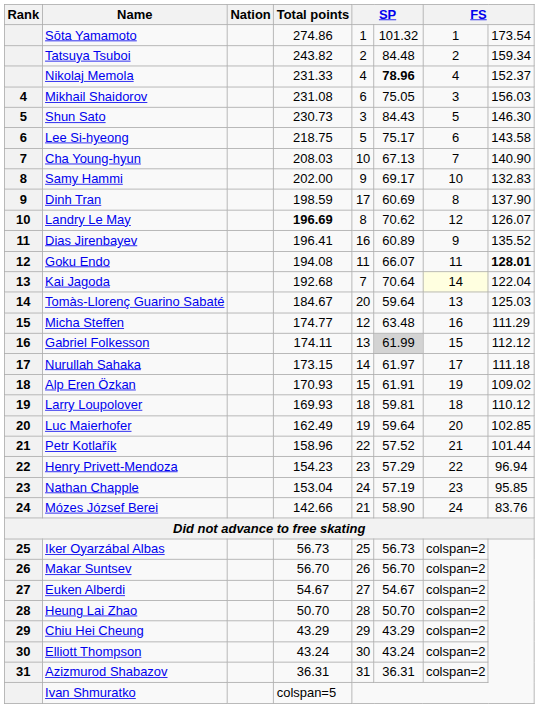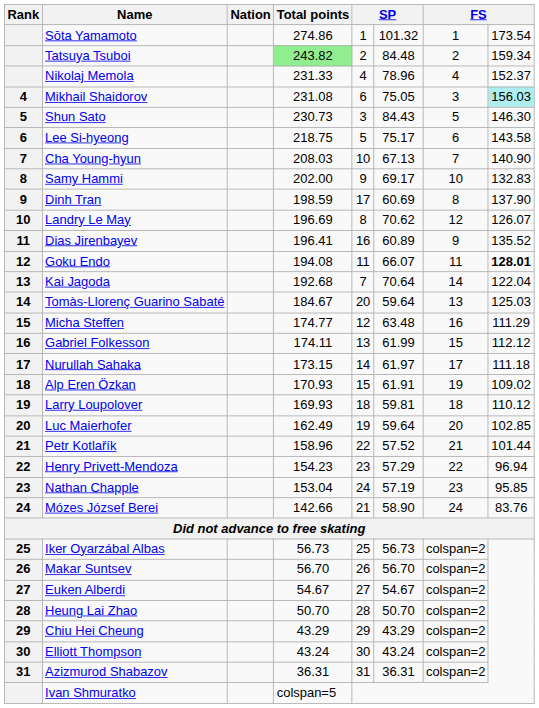 <table class="wikitable sortable">
 <tr>
 <th>Rank</th>
 <th>Name</th>
 <th>Nation</th>
 <th>Total points</th>
 <th colspan="2" width="80px"><a href='#'>SP</a></th>
 <th colspan="2" width="80px"><a href='#'>FS</a></th>
 </tr>
 <tr>
 <th align="center"></th>
 <td><a href='#'>Sōta Yamamoto</a></td>
 <td></td>
 <td align="center">274.86</td>
 <td align="center">1</td>
 <td align="center">101.32</td>
 <td align="center">1</td>
 <td align="center">173.54</td>
 </tr>
 <tr>
 <th align="center"></th>
 <td><a href='#'>Tatsuya Tsuboi</a></td>
 <td></td>
-<td align="center">243.82</td>
+<td align="center" style="background: lightgreen;">243.82</td>
 <td align="center">2</td>
 <td align="center">84.48</td>
 <td align="center">2</td>
 <td align="center">159.34</td>
 </tr>
 <tr>
 <th align="center"></th>
 <td><a href='#'>Nikolaj Memola</a></td>
 <td></td>
 <td align="center">231.33</td>
 <td align="center">4</td>
-<td align="center"><strong>78.96</strong></td>
+<td align="center">78.96</td>
 <td align="center">4</td>
 <td align="center">152.37</td>
 </tr>
 <tr>
 <th>4</th>
 <td><a href='#'>Mikhail Shaidorov</a></td>
 <td></td>
 <td align="center">231.08</td>
 <td align="center">6</td>
 <td align="center">75.05</td>
 <td align="center">3</td>
-<td align="center">156.03</td>
+<td align="center" style="background: paleturquoise;">156.03</td>
 </tr>
 <tr>
 <th>5</th>
 <td><a href='#'>Shun Sato</a></td>
 <td></td>
 <td align="center">230.73</td>
 <td align="center">3</td>
 <td align="center">84.43</td>
 <td align="center">5</td>
 <td align="center">146.30</td>
 </tr>
 <tr>
 <th>6</th>
 <td><a href='#'>Lee Si-hyeong</a></td>
 <td></td>
 <td align="center">218.75</td>
 <td align="center">5</td>
 <td align="center">75.17</td>
 <td align="center">6</td>
 <td align="center">143.58</td>
 </tr>
 <tr>
 <th>7</th>
 <td><a href='#'>Cha Young-hyun</a></td>
 <td></td>
 <td align="center">208.03</td>
 <td align="center">10</td>
 <td align="center">67.13</td>
 <td align="center">7</td>
 <td align="center">140.90</td>
 </tr>
 <tr>
 <th>8</th>
 <td><a href='#'>Samy Hammi</a></td>
 <td></td>
 <td align="center">202.00</td>
 <td align="center">9</td>
 <td align="center">69.17</td>
 <td align="center">10</td>
 <td align="center">132.83</td>
 </tr>
 <tr>
 <th>9</th>
 <td><a href='#'>Dinh Tran</a></td>
 <td></td>
 <td align="center">198.59</td>
 <td align="center">17</td>
 <td align="center">60.69</td>
 <td align="center">8</td>
 <td align="center">137.90</td>
 </tr>
 <tr>
 <th>10</th>
 <td><a href='#'>Landry Le May</a></td>
 <td></td>
-<td align="center"><strong>196.69</strong></td>
+<td align="center">196.69</td>
 <td align="center">8</td>
 <td align="center">70.62</td>
 <td align="center">12</td>
 <td align="center">126.07</td>
 </tr>
 <tr>
 <th>11</th>
 <td><a href='#'>Dias Jirenbayev</a></td>
 <td></td>
 <td align="center">196.41</td>
 <td align="center">16</td>
 <td align="center">60.89</td>
 <td align="center">9</td>
 <td align="center">135.52</td>
 </tr>
 <tr>
 <th>12</th>
 <td><a href='#'>Goku Endo</a></td>
 <td></td>
 <td align="center">194.08</td>
 <td align="center">11</td>
 <td align="center">66.07</td>
 <td align="center">11</td>
 <td align="center"><strong>128.01</strong></td>
 </tr>
 <tr>
 <th>13</th>
 <td><a href='#'>Kai Jagoda</a></td>
 <td></td>
 <td align="center">192.68</td>
 <td align="center">7</td>
 <td align="center">70.64</td>
-<td align="center" style="background: lightyellow;">14</td>
+<td align="center">14</td>
 <td align="center">122.04</td>
 </tr>
 <tr>
 <th>14</th>
 <td><a href='#'>Tomàs-Llorenç Guarino Sabaté</a></td>
 <td></td>
 <td align="center">184.67</td>
 <td align="center">20</td>
 <td align="center">59.64</td>
 <td align="center">13</td>
 <td align="center">125.03</td>
 </tr>
 <tr>
 <th>15</th>
 <td><a href='#'>Micha Steffen</a></td>
 <td></td>
 <td align="center">174.77</td>
 <td align="center">12</td>
 <td align="center">63.48</td>
 <td align="center">16</td>
 <td align="center">111.29</td>
 </tr>
 <tr>
 <th>16</th>
 <td><a href='#'>Gabriel Folkesson</a></td>
 <td></td>
 <td align="center">174.11</td>
 <td align="center">13</td>
-<td align="center" style="background: lightgrey;">61.99</td>
+<td align="center">61.99</td>
 <td align="center">15</td>
 <td align="center">112.12</td>
 </tr>
 <tr>
 <th>17</th>
 <td><a href='#'>Nurullah Sahaka</a></td>
 <td></td>
 <td align="center">173.15</td>
 <td align="center">14</td>
 <td align="center">61.97</td>
 <td align="center">17</td>
 <td align="center">111.18</td>
 </tr>
 <tr>
 <th>18</th>
 <td><a href='#'>Alp Eren Özkan</a></td>
 <td></td>
 <td align="center">170.93</td>
 <td align="center">15</td>
 <td align="center">61.91</td>
 <td align="center">19</td>
 <td align="center">109.02</td>
 </tr>
 <tr>
 <th>19</th>
 <td><a href='#'>Larry Loupolover</a></td>
 <td></td>
 <td align="center">169.93</td>
 <td align="center">18</td>
 <td align="center">59.81</td>
 <td align="center">18</td>
 <td align="center">110.12</td>
 </tr>
 <tr>
 <th>20</th>
 <td><a href='#'>Luc Maierhofer</a></td>
 <td></td>
 <td align="center">162.49</td>
 <td align="center">19</td>
 <td align="center">59.64</td>
 <td align="center">20</td>
 <td align="center">102.85</td>
 </tr>
 <tr>
 <th>21</th>
 <td><a href='#'>Petr Kotlařík</a></td>
 <td></td>
 <td align="center">158.96</td>
 <td align="center">22</td>
 <td align="center">57.52</td>
 <td align="center">21</td>
 <td align="center">101.44</td>
 </tr>
 <tr>
 <th>22</th>
 <td><a href='#'>Henry Privett-Mendoza</a></td>
 <td></td>
 <td align="center">154.23</td>
 <td align="center">23</td>
 <td align="center">57.29</td>
 <td align="center">22</td>
 <td align="center">96.94</td>
 </tr>
 <tr>
 <th>23</th>
 <td><a href='#'>Nathan Chapple</a></td>
 <td></td>
 <td align="center">153.04</td>
 <td align="center">24</td>
 <td align="center">57.19</td>
 <td align="center">23</td>
 <td align="center">95.85</td>
 </tr>
 <tr>
 <th>24</th>
 <td><a href='#'>Mózes József Berei</a></td>
 <td></td>
 <td align="center">142.66</td>
 <td align="center">21</td>
 <td align="center">58.90</td>
 <td align="center">24</td>
 <td align="center">83.76</td>
 </tr>
 <tr>
 <th colspan=8><em>Did not advance to free skating</em></th>
 </tr>
 <tr>
 <th>25</th>
 <td><a href='#'>Iker Oyarzábal Albas</a></td>
 <td></td>
 <td align="center">56.73</td>
 <td align="center">25</td>
 <td align="center">56.73</td>
 <td>colspan=2 </td>
 </tr>
 <tr>
 <th>26</th>
 <td><a href='#'>Makar Suntsev</a></td>
 <td></td>
 <td align="center">56.70</td>
 <td align="center">26</td>
 <td align="center">56.70</td>
 <td>colspan=2 </td>
 </tr>
 <tr>
 <th>27</th>
 <td><a href='#'>Euken Alberdi</a></td>
 <td></td>
 <td align="center">54.67</td>
 <td align="center">27</td>
 <td align="center">54.67</td>
 <td>colspan=2 </td>
 </tr>
 <tr>
 <th>28</th>
 <td><a href='#'>Heung Lai Zhao</a></td>
 <td></td>
 <td align="center">50.70</td>
 <td align="center">28</td>
 <td align="center">50.70</td>
 <td>colspan=2 </td>
 </tr>
 <tr>
 <th>29</th>
 <td><a href='#'>Chiu Hei Cheung</a></td>
 <td></td>
 <td align="center">43.29</td>
 <td align="center">29</td>
 <td align="center">43.29</td>
 <td>colspan=2 </td>
 </tr>
 <tr>
 <th>30</th>
 <td><a href='#'>Elliott Thompson</a></td>
 <td></td>
 <td align="center">43.24</td>
 <td align="center">30</td>
 <td align="center">43.24</td>
 <td>colspan=2 </td>
 </tr>
 <tr>
 <th>31</th>
 <td><a href='#'>Azizmurod Shabazov</a></td>
 <td></td>
 <td align="center">36.31</td>
 <td align="center">31</td>
 <td align="center">36.31</td>
 <td>colspan=2 </td>
 </tr>
 <tr>
 <th></th>
 <td><a href='#'>Ivan Shmuratko</a></td>
 <td></td>
 <td>colspan=5 </td>
 </tr>
 </table>
